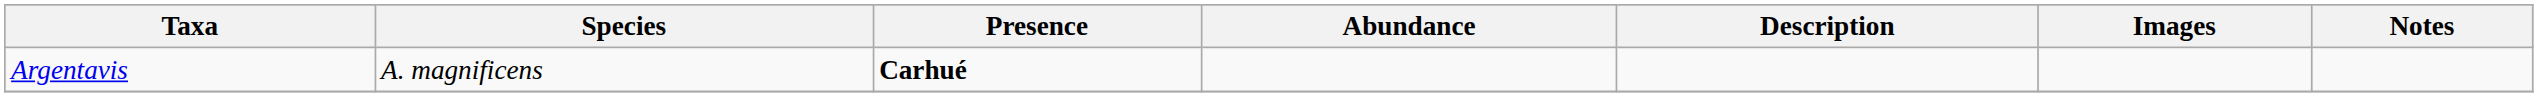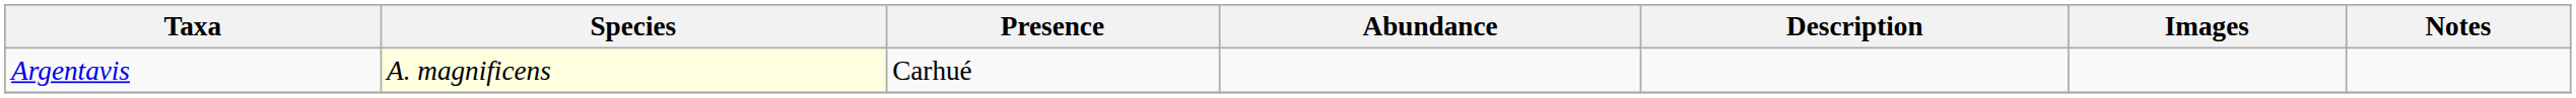 <table class="wikitable sortable" align="center" width="75%">
 <tr>
 <th>Taxa</th>
 <th>Species</th>
 <th>Presence</th>
 <th>Abundance</th>
 <th>Description</th>
 <th>Images</th>
 <th>Notes</th>
 </tr>
 <tr>
 <td><em><a href='#'>Argentavis</a></em></td>
-<td><em>A. magnificens</em></td>
-<td><strong>Carhué</strong></td>
+<td style="background: lightyellow;"><em>A. magnificens</em></td>
+<td>Carhué</td>
 <td></td>
 <td></td>
 <td></td>
 <td align=center></td>
 </tr>
 <tr>
 </tr>
 </table>
